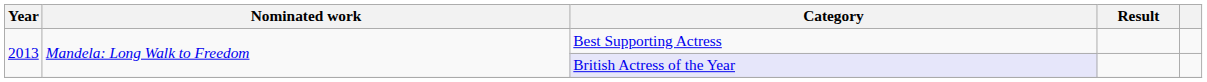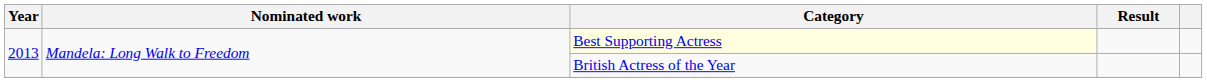 <table class="wikitable">
 <tr>
 <th scope="col" style="width:1em;">Year</th>
 <th scope="col" style="width:35em;">Nominated work</th>
 <th scope="col" style="width:35em;">Category</th>
 <th scope="col" style="width:5em;">Result</th>
 <th scope="col" style="width:1em;"></th>
 </tr>
 <tr>
 <td rowspan="2"><a href='#'>2013</a></td>
 <td rowspan="2"><em><a href='#'>Mandela: Long Walk to Freedom</a></em></td>
-<td><a href='#'>Best Supporting Actress</a></td>
+<td style="background: lightyellow;"><a href='#'>Best Supporting Actress</a></td>
 <td></td>
 <td></td>
 </tr>
 <tr>
-<td style="background: lavender;"><a href='#'>British Actress of the Year</a></td>
+<td><a href='#'>British Actress of the Year</a></td>
 <td></td>
 <td></td>
 </tr>
 <tr>
 </tr>
 </table>
